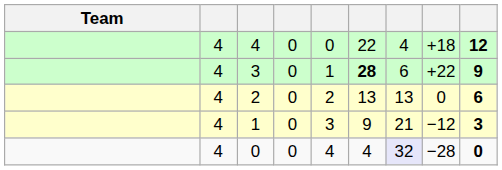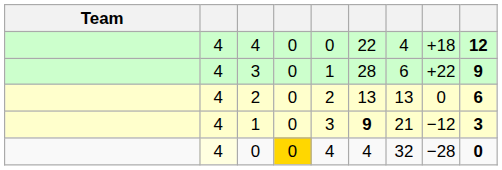 <table class="wikitable" style="text-align: center; font-size:90% ">
 <tr>
 <th width=160>Team</th>
 <th width=25></th>
 <th width=25></th>
 <th width=25></th>
 <th width=25></th>
 <th width=25></th>
 <th width=25></th>
 <th width=25></th>
 <th width=25></th>
 </tr>
 <tr bgcolor=ccffcc>
 <td align=left></td>
 <td>4</td>
 <td>4</td>
 <td>0</td>
 <td>0</td>
 <td>22</td>
 <td>4</td>
 <td>+18</td>
 <td><strong>12</strong></td>
 </tr>
 <tr bgcolor=ccffcc>
 <td align=left></td>
 <td>4</td>
 <td>3</td>
 <td>0</td>
 <td>1</td>
-<td><strong>28</strong></td>
+<td>28</td>
 <td>6</td>
 <td>+22</td>
 <td><strong>9</strong></td>
 </tr>
 <tr bgcolor="#ffffcc">
 <td align=left></td>
 <td>4</td>
 <td>2</td>
 <td>0</td>
 <td>2</td>
 <td>13</td>
 <td>13</td>
 <td>0</td>
 <td><strong>6</strong></td>
 </tr>
 <tr bgcolor="#ffffcc">
 <td align=left></td>
 <td>4</td>
 <td>1</td>
 <td>0</td>
 <td>3</td>
-<td>9</td>
+<td><strong>9</strong></td>
 <td>21</td>
 <td>−12</td>
 <td><strong>3</strong></td>
 </tr>
 <tr>
 <td align=left></td>
-<td>4</td>
+<td style="background: lightyellow;">4</td>
 <td>0</td>
-<td>0</td>
+<td style="background: gold;">0</td>
 <td>4</td>
 <td>4</td>
-<td style="background: lavender;">32</td>
+<td>32</td>
 <td>−28</td>
 <td><strong>0</strong></td>
 </tr>
 </table>
